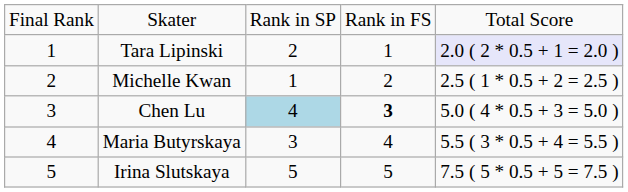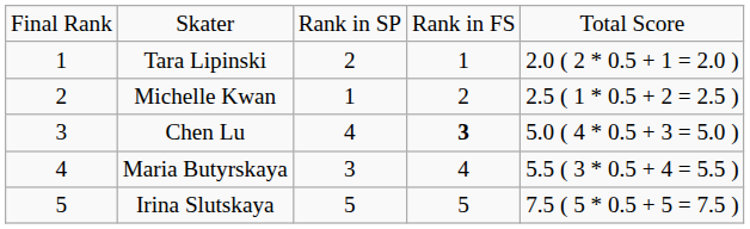 <table class="wikitable">
 <tr align=center>
 <td>Final Rank</td>
 <td>Skater</td>
 <td>Rank in SP</td>
 <td>Rank in FS</td>
 <td>Total Score</td>
 </tr>
 <tr align=center>
 <td>1</td>
 <td>Tara Lipinski</td>
 <td>2</td>
 <td>1</td>
-<td style="background: lavender;">2.0 ( 2 * 0.5 + 1 = 2.0 )</td>
+<td>2.0 ( 2 * 0.5 + 1 = 2.0 )</td>
 </tr>
 <tr align=center>
 <td>2</td>
 <td>Michelle Kwan</td>
 <td>1</td>
 <td>2</td>
 <td>2.5 ( 1 * 0.5 + 2 = 2.5 )</td>
 </tr>
 <tr align=center>
 <td>3</td>
 <td>Chen Lu</td>
-<td style="background: lightblue;">4</td>
+<td>4</td>
 <td><strong>3</strong></td>
 <td>5.0 ( 4 * 0.5 + 3 = 5.0 )</td>
 </tr>
 <tr align=center>
 <td>4</td>
 <td>Maria Butyrskaya</td>
 <td>3</td>
 <td>4</td>
 <td>5.5 ( 3 * 0.5 + 4 = 5.5 )</td>
 </tr>
 <tr align=center>
 <td>5</td>
 <td>Irina Slutskaya</td>
 <td>5</td>
 <td>5</td>
 <td>7.5 ( 5 * 0.5 + 5 = 7.5 )</td>
 </tr>
 </table>
